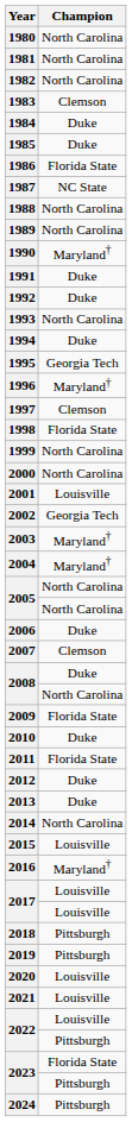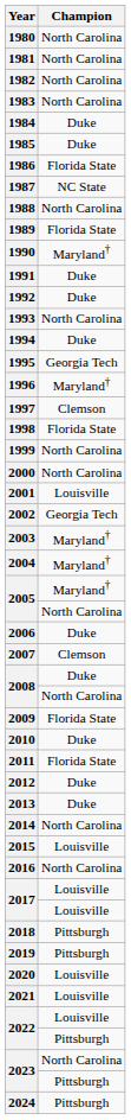 <table class="wikitable" style="text-align: center;">
 <tr>
 <th>Year</th>
 <th>Champion</th>
 </tr>
 <tr>
 <th>1980</th>
 <td>North Carolina</td>
 </tr>
 <tr>
 <th>1981</th>
 <td>North Carolina</td>
 </tr>
 <tr>
 <th>1982</th>
 <td>North Carolina</td>
 </tr>
 <tr>
 <th>1983</th>
-<td>Clemson</td>
+<td>North Carolina</td>
 </tr>
 <tr>
 <th>1984</th>
 <td>Duke</td>
 </tr>
 <tr>
 <th>1985</th>
 <td>Duke</td>
 </tr>
 <tr>
 <th>1986</th>
 <td>Florida State</td>
 </tr>
 <tr>
 <th>1987</th>
 <td>NC State</td>
 </tr>
 <tr>
 <th>1988</th>
 <td>North Carolina</td>
 </tr>
 <tr>
 <th>1989</th>
-<td>North Carolina</td>
+<td>Florida State</td>
 </tr>
 <tr>
 <th>1990</th>
 <td>Maryland<sup>†</sup></td>
 </tr>
 <tr>
 <th>1991</th>
 <td>Duke</td>
 </tr>
 <tr>
 <th>1992</th>
 <td>Duke</td>
 </tr>
 <tr>
 <th>1993</th>
 <td>North Carolina</td>
 </tr>
 <tr>
 <th>1994</th>
 <td>Duke</td>
 </tr>
 <tr>
 <th>1995</th>
 <td>Georgia Tech</td>
 </tr>
 <tr>
 <th>1996</th>
 <td>Maryland<sup>†</sup></td>
 </tr>
 <tr>
 <th>1997</th>
 <td>Clemson</td>
 </tr>
 <tr>
 <th>1998</th>
 <td>Florida State</td>
 </tr>
 <tr>
 <th>1999</th>
 <td>North Carolina</td>
 </tr>
 <tr>
 <th>2000</th>
 <td>North Carolina</td>
 </tr>
 <tr>
 <th>2001</th>
 <td>Louisville</td>
 </tr>
 <tr>
 <th>2002</th>
 <td>Georgia Tech</td>
 </tr>
 <tr>
 <th>2003</th>
 <td>Maryland<sup>†</sup></td>
 </tr>
 <tr>
 <th>2004</th>
 <td>Maryland<sup>†</sup></td>
 </tr>
 <tr>
 <th rowspan="2">2005</th>
-<td>North Carolina</td>
+<td>Maryland<sup>†</sup></td>
 </tr>
 <tr>
 <td>North Carolina</td>
 </tr>
 <tr>
 <th>2006</th>
 <td>Duke</td>
 </tr>
 <tr>
 <th>2007</th>
 <td>Clemson</td>
 </tr>
 <tr>
 <th rowspan="2">2008</th>
 <td>Duke</td>
 </tr>
 <tr>
 <td>North Carolina</td>
 </tr>
 <tr>
 <th>2009</th>
 <td>Florida State</td>
 </tr>
 <tr>
 <th>2010</th>
 <td>Duke</td>
 </tr>
 <tr>
 <th>2011</th>
 <td>Florida State</td>
 </tr>
 <tr>
 <th>2012</th>
 <td>Duke</td>
 </tr>
 <tr>
 <th>2013</th>
 <td>Duke</td>
 </tr>
 <tr>
 <th>2014</th>
 <td>North Carolina</td>
 </tr>
 <tr>
 <th>2015</th>
 <td>Louisville</td>
 </tr>
 <tr>
 <th>2016</th>
-<td>Maryland<sup>†</sup></td>
+<td>North Carolina</td>
 </tr>
 <tr>
 <th rowspan="2">2017</th>
 <td>Louisville</td>
 </tr>
 <tr>
 <td>Louisville</td>
 </tr>
 <tr>
 <th>2018</th>
 <td>Pittsburgh</td>
 </tr>
 <tr>
 <th>2019</th>
 <td>Pittsburgh</td>
 </tr>
 <tr>
 <th>2020</th>
 <td>Louisville</td>
 </tr>
 <tr>
 <th>2021</th>
 <td>Louisville</td>
 </tr>
 <tr>
 <th rowspan="2">2022</th>
 <td>Louisville</td>
 </tr>
 <tr>
 <td>Pittsburgh</td>
 </tr>
 <tr>
 <th rowspan="2">2023</th>
-<td>Florida State</td>
+<td>North Carolina</td>
 </tr>
 <tr>
 <td>Pittsburgh</td>
 </tr>
 <tr>
 <th>2024</th>
 <td>Pittsburgh</td>
 </tr>
 </table>
